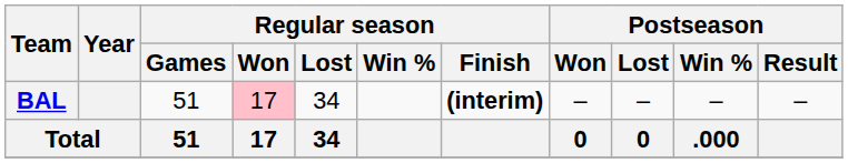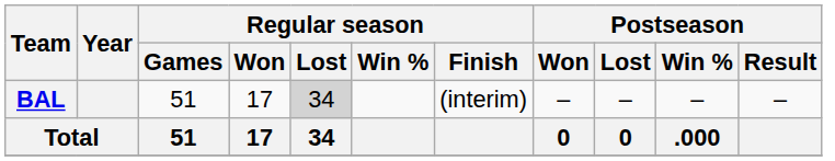 <table class="wikitable" style="font-size: 95%; text-align:center;">
 <tr>
 <th rowspan="2">Team</th>
 <th rowspan="2">Year</th>
 <th colspan="5">Regular season</th>
 <th colspan="4">Postseason</th>
 </tr>
 <tr>
 <th>Games</th>
 <th>Won</th>
 <th>Lost</th>
 <th>Win %</th>
 <th>Finish</th>
 <th>Won</th>
 <th>Lost</th>
 <th>Win %</th>
 <th>Result</th>
 </tr>
 <tr>
 <th><a href='#'>BAL</a></th>
 <th></th>
 <td>51</td>
-<td style="background: pink;">17</td>
-<td>34</td>
+<td>17</td>
+<td style="background: lightgrey;">34</td>
 <td></td>
-<td><strong>(interim)</strong></td>
+<td>(interim)</td>
 <td>–</td>
 <td>–</td>
 <td>–</td>
 <td>–</td>
 </tr>
 <tr>
 <th colspan="2">Total</th>
 <th>51</th>
 <th>17</th>
 <th>34</th>
 <th></th>
 <th></th>
 <th>0</th>
 <th>0</th>
 <th>.000</th>
 <th></th>
 </tr>
 <tr>
 </tr>
 </table>
